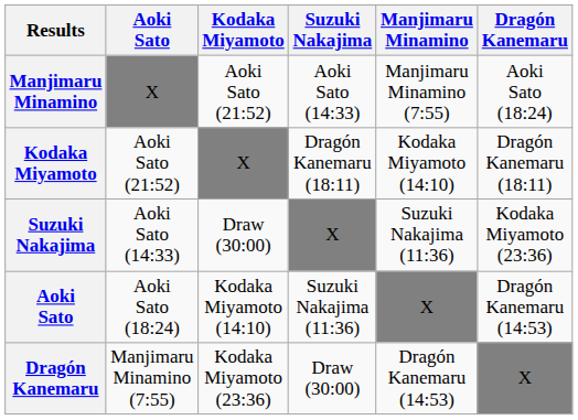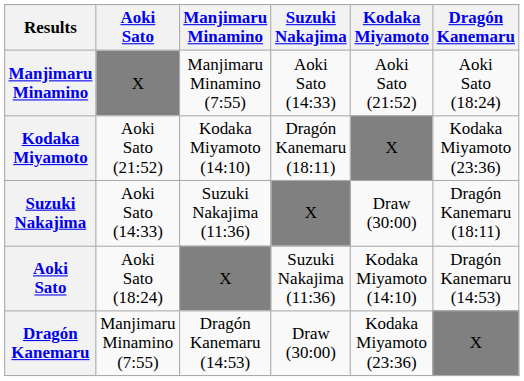 <table class="wikitable" style="text-align:center; margin: 1em auto 1em auto">
 <tr>
 <th>Results</th>
 <th><a href='#'>Aoki</a><br><a href='#'>Sato</a></th>
+<th><a href='#'>Manjimaru</a><br><a href='#'>Minamino</a></th>
+<th><a href='#'>Suzuki</a><br><a href='#'>Nakajima</a></th>
 <th><a href='#'>Kodaka</a><br><a href='#'>Miyamoto</a></th>
-<th><a href='#'>Suzuki</a><br><a href='#'>Nakajima</a></th>
-<th><a href='#'>Manjimaru</a><br><a href='#'>Minamino</a></th>
 <th><a href='#'>Dragón</a><br><a href='#'>Kanemaru</a></th>
 </tr>
 <tr>
 <th><a href='#'>Manjimaru</a><br><a href='#'>Minamino</a></th>
 <td bgcolor=grey>X</td>
+<td>Manjimaru<br>Minamino<br>(7:55)</td>
+<td>Aoki<br>Sato<br>(14:33)</td>
 <td>Aoki<br>Sato<br>(21:52)</td>
-<td>Aoki<br>Sato<br>(14:33)</td>
-<td>Manjimaru<br>Minamino<br>(7:55)</td>
 <td>Aoki<br>Sato<br>(18:24)</td>
 </tr>
 <tr>
 <th><a href='#'>Kodaka</a><br><a href='#'>Miyamoto</a></th>
 <td>Aoki<br>Sato<br>(21:52)</td>
-<td bgcolor=grey>X</td>
-<td>Dragón<br>Kanemaru<br>(18:11)</td>
 <td>Kodaka<br>Miyamoto<br>(14:10)</td>
 <td>Dragón<br>Kanemaru<br>(18:11)</td>
+<td bgcolor=grey>X</td>
+<td>Kodaka<br>Miyamoto<br>(23:36)</td>
 </tr>
 <tr>
 <th><a href='#'>Suzuki</a><br><a href='#'>Nakajima</a></th>
 <td>Aoki<br>Sato<br>(14:33)</td>
+<td>Suzuki<br>Nakajima<br>(11:36)</td>
+<td bgcolor=grey>X</td>
 <td>Draw<br>(30:00)</td>
-<td bgcolor=grey>X</td>
-<td>Suzuki<br>Nakajima<br>(11:36)</td>
-<td>Kodaka<br>Miyamoto<br>(23:36)</td>
+<td>Dragón<br>Kanemaru<br>(18:11)</td>
 </tr>
 <tr>
 <th><a href='#'>Aoki</a><br><a href='#'>Sato</a></th>
 <td>Aoki<br>Sato<br>(18:24)</td>
+<td bgcolor=grey>X</td>
+<td>Suzuki<br>Nakajima<br>(11:36)</td>
 <td>Kodaka<br>Miyamoto<br>(14:10)</td>
-<td>Suzuki<br>Nakajima<br>(11:36)</td>
-<td bgcolor=grey>X</td>
 <td>Dragón<br>Kanemaru<br>(14:53)</td>
 </tr>
 <tr>
 <th><a href='#'>Dragón</a><br><a href='#'>Kanemaru</a></th>
 <td>Manjimaru<br>Minamino<br>(7:55)</td>
+<td>Dragón<br>Kanemaru<br>(14:53)</td>
+<td>Draw<br>(30:00)</td>
 <td>Kodaka<br>Miyamoto<br>(23:36)</td>
-<td>Draw<br>(30:00)</td>
-<td>Dragón<br>Kanemaru<br>(14:53)</td>
 <td bgcolor=grey>X</td>
 </tr>
 </table>
